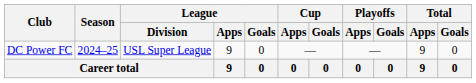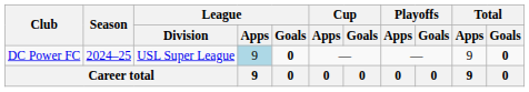 <table class="wikitable" style="text-align: center;">
 <tr>
 <th rowspan="2">Club</th>
 <th rowspan="2">Season</th>
 <th colspan="3">League</th>
 <th colspan="2">Cup</th>
 <th colspan="2">Playoffs</th>
 <th colspan="2">Total</th>
 </tr>
 <tr>
 <th>Division</th>
 <th>Apps</th>
 <th>Goals</th>
 <th>Apps</th>
 <th>Goals</th>
 <th>Apps</th>
 <th>Goals</th>
 <th>Apps</th>
 <th>Goals</th>
 </tr>
 <tr>
 <td><a href='#'>DC Power FC</a></td>
 <td><a href='#'>2024–25</a></td>
 <td><a href='#'>USL Super League</a></td>
-<td>9</td>
-<td>0</td>
+<td style="background: lightblue;">9</td>
+<td><strong>0</strong></td>
 <td colspan="2">—</td>
 <td colspan="2">—</td>
 <td>9</td>
-<td>0</td>
+<td><strong>0</strong></td>
 </tr>
 <tr>
 <th colspan="3">Career total</th>
 <th>9</th>
 <th>0</th>
 <th>0</th>
 <th>0</th>
 <th>0</th>
 <th>0</th>
 <th>9</th>
 <th>0</th>
 </tr>
 </table>
